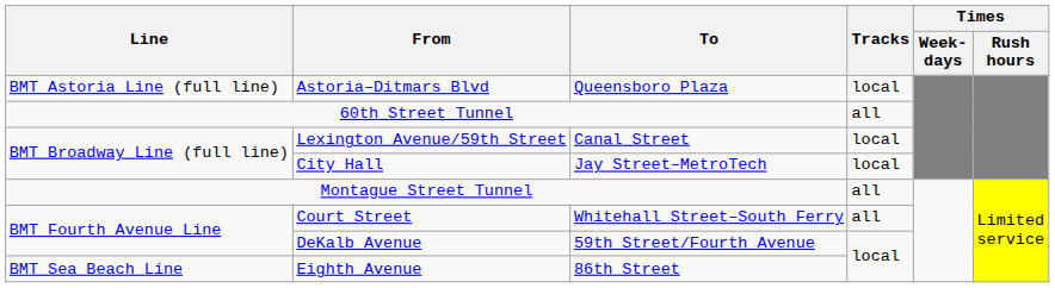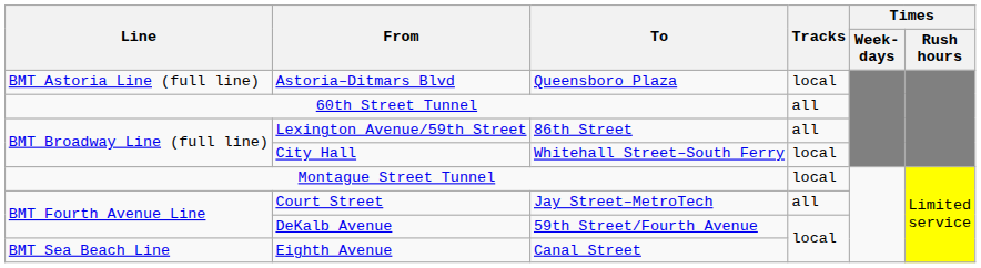 <table class="wikitable collapsible" style="width:auto; font-size:95%">
 <tr>
 <th rowspan=2>Line</th>
 <th rowspan=2>From</th>
 <th rowspan=2>To</th>
 <th rowspan=2>Tracks</th>
 <th colspan=2>Times</th>
 </tr>
 <tr>
 <th width=40>Week­days</th>
 <th width=40>Rush hours</th>
 </tr>
 <tr>
 <td><a href='#'>BMT Astoria Line</a> (full line)</td>
 <td rowspan=1><a href='#'>Astoria–Ditmars Blvd</a></td>
 <td rowspan=1><a href='#'>Queensboro Plaza</a></td>
 <td rowspan=1>local</td>
 <td rowspan=4 style="background:gray"> </td>
 <td rowspan=4 style="background:gray"> </td>
 </tr>
 <tr>
 <td colspan=3 align=center><a href='#'>60th Street Tunnel</a></td>
 <td>all</td>
 </tr>
 <tr>
 <td rowspan=2><a href='#'>BMT Broadway Line</a> (full line)</td>
 <td><a href='#'>Lexington Avenue/59th Street</a></td>
-<td><a href='#'>Canal Street</a></td>
-<td>local</td>
+<td rowspan=1><a href='#'>86th Street</a></td>
+<td>all</td>
 </tr>
 <tr>
 <td><a href='#'>City Hall</a></td>
-<td><a href='#'>Jay Street–MetroTech</a></td>
+<td><a href='#'>Whitehall Street–South Ferry</a></td>
 <td>local</td>
 </tr>
 <tr>
 <td colspan=3 align=center><a href='#'>Montague Street Tunnel</a></td>
-<td>all</td>
+<td>local</td>
 <td rowspan=4> </td>
 <td rowspan=4 style="background:yellow">Limited service</td>
 </tr>
 <tr>
 <td rowspan=2><a href='#'>BMT Fourth Avenue Line</a></td>
 <td><a href='#'>Court Street</a></td>
-<td><a href='#'>Whitehall Street–South Ferry</a></td>
+<td><a href='#'>Jay Street–MetroTech</a></td>
 <td>all</td>
 </tr>
 <tr>
 <td><a href='#'>DeKalb Avenue</a></td>
 <td><a href='#'>59th Street/Fourth Avenue</a></td>
 <td rowspan=2>local</td>
 </tr>
 <tr>
 <td><a href='#'>BMT Sea Beach Line</a></td>
 <td rowspan=1><a href='#'>Eighth Avenue</a></td>
-<td rowspan=1><a href='#'>86th Street</a></td>
+<td><a href='#'>Canal Street</a></td>
 </tr>
 </table>
